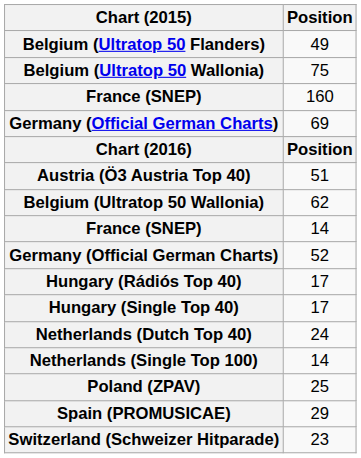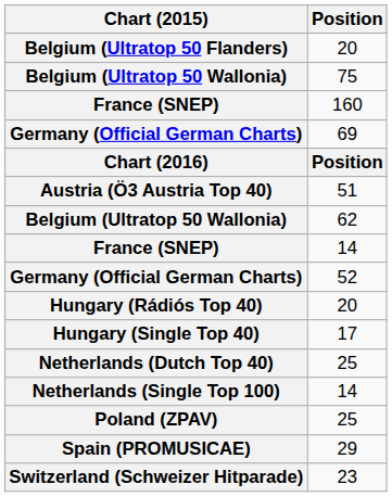 <table class="wikitable sortable plainrowheaders" style="text-align:center;">
 <tr>
 <th>Chart (2015)</th>
 <th>Position</th>
 </tr>
 <tr>
 <th scope="row">Belgium (<a href='#'>Ultratop 50</a> Flanders)</th>
-<td>49</td>
+<td>20</td>
 </tr>
 <tr>
 <th scope="row">Belgium (<a href='#'>Ultratop 50</a> Wallonia)</th>
 <td>75</td>
 </tr>
 <tr>
 <th scope="row">France (SNEP)</th>
 <td>160</td>
 </tr>
 <tr>
 <th scope="row">Germany (<a href='#'>Official German Charts</a>)</th>
 <td>69</td>
 </tr>
 <tr>
 <th>Chart (2016)</th>
 <th>Position</th>
 </tr>
 <tr>
 <th scope="row">Austria (Ö3 Austria Top 40)</th>
 <td>51</td>
 </tr>
 <tr>
 <th scope="row">Belgium (Ultratop 50 Wallonia)</th>
 <td>62</td>
 </tr>
 <tr>
 <th scope="row">France (SNEP)</th>
 <td>14</td>
 </tr>
 <tr>
 <th scope="row">Germany (Official German Charts)</th>
 <td>52</td>
 </tr>
 <tr>
 <th scope="row">Hungary (Rádiós Top 40)</th>
-<td>17</td>
+<td>20</td>
 </tr>
 <tr>
 <th scope="row">Hungary (Single Top 40)</th>
 <td>17</td>
 </tr>
 <tr>
 <th scope="row">Netherlands (Dutch Top 40)</th>
-<td>24</td>
+<td>25</td>
 </tr>
 <tr>
 <th scope="row">Netherlands (Single Top 100)</th>
 <td>14</td>
 </tr>
 <tr>
 <th scope="row">Poland (ZPAV)</th>
 <td>25</td>
 </tr>
 <tr>
 <th scope="row">Spain (PROMUSICAE)</th>
 <td>29</td>
 </tr>
 <tr>
 <th scope="row">Switzerland (Schweizer Hitparade)</th>
 <td>23</td>
 </tr>
 </table>
